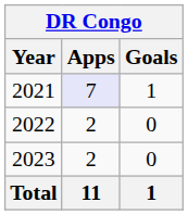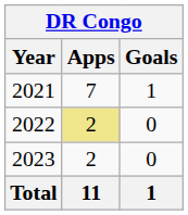 <table class="wikitable" style="text-align:center">
 <tr>
 <th colspan=3><a href='#'>DR Congo</a></th>
 </tr>
 <tr>
 <th>Year</th>
 <th>Apps</th>
 <th>Goals</th>
 </tr>
 <tr>
 <td>2021</td>
-<td style="background: lavender;">7</td>
+<td>7</td>
 <td>1</td>
 </tr>
 <tr>
 <td>2022</td>
-<td>2</td>
+<td style="background: khaki;">2</td>
 <td>0</td>
 </tr>
 <tr>
 <td>2023</td>
 <td>2</td>
 <td>0</td>
 </tr>
 <tr>
 <th>Total</th>
 <th>11</th>
 <th>1</th>
 </tr>
 </table>
